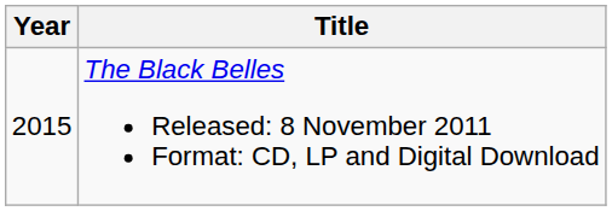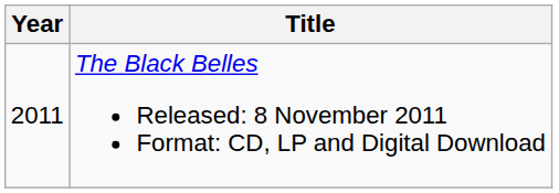 <table class="wikitable">
 <tr>
 <th>Year</th>
 <th>Title</th>
 </tr>
 <tr>
-<td>2015</td>
+<td>2011</td>
 <td><em><a href='#'>The Black Belles</a></em><br><ul><li>Released: 8 November 2011</li><li>Format: CD, LP and Digital Download</li></ul></td>
 </tr>
 </table>
